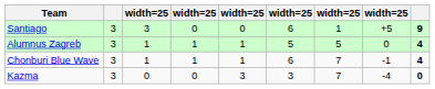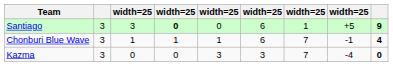 <table class="wikitable" style="text-align: center; font-size: 90%;">
 <tr>
 <th width="165">Team</th>
 <th width=25></th>
 <th>width=25</th>
 <th>width=25</th>
 <th>width=25</th>
 <th>width=25</th>
 <th>width=25</th>
 <th>width=25</th>
 <th width=25></th>
 </tr>
 <tr style="background:#cfc;">
 <td style="text-align:left;"> <a href='#'>Santiago</a></td>
 <td>3</td>
 <td>3</td>
-<td>0</td>
+<td><strong>0</strong></td>
 <td>0</td>
 <td>6</td>
 <td>1</td>
 <td>+5</td>
 <td><strong>9</strong></td>
-</tr>
-<tr style="background:#cfc;">
-<td style="text-align:left;"> <a href='#'>Alumnus Zagreb</a></td>
-<td>3</td>
-<td>1</td>
-<td>1</td>
-<td>1</td>
-<td>5</td>
-<td>5</td>
-<td>0</td>
-<td><strong>4</strong></td>
 </tr>
 <tr>
 <td style="text-align:left;"> <a href='#'>Chonburi Blue Wave</a></td>
 <td>3</td>
 <td>1</td>
 <td>1</td>
 <td>1</td>
 <td>6</td>
 <td>7</td>
 <td>-1</td>
 <td><strong>4</strong></td>
 </tr>
 <tr>
 <td style="text-align:left;"> <a href='#'>Kazma</a></td>
 <td>3</td>
 <td>0</td>
 <td>0</td>
 <td>3</td>
 <td>3</td>
 <td>7</td>
 <td>-4</td>
 <td><strong>0</strong></td>
 </tr>
 </table>
